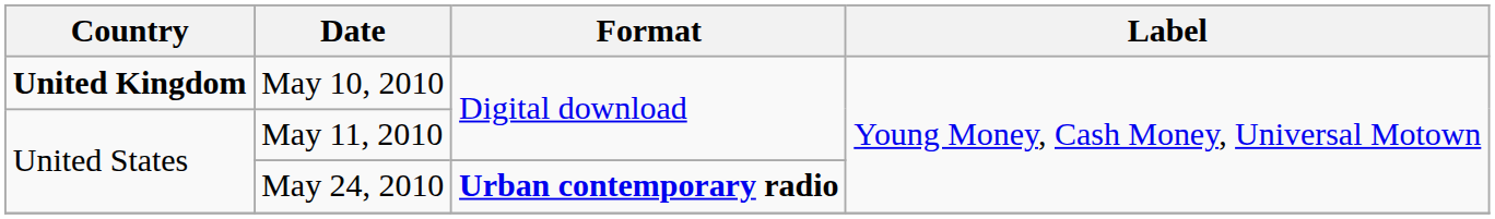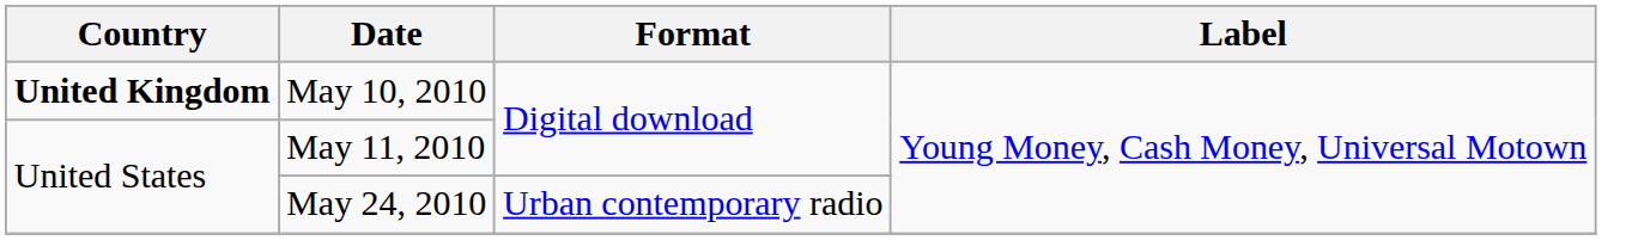 <table class="wikitable" border="1">
 <tr>
 <th scope="col">Country</th>
 <th scope="col">Date</th>
 <th scope="col">Format</th>
 <th scope="col">Label</th>
 </tr>
 <tr>
 <td><strong>United Kingdom</strong></td>
 <td>May 10, 2010</td>
 <td rowspan="2"><a href='#'>Digital download</a></td>
 <td rowspan="3"><a href='#'>Young Money</a>, <a href='#'>Cash Money</a>, <a href='#'>Universal Motown</a></td>
 </tr>
 <tr>
 <td rowspan="2">United States</td>
 <td>May 11, 2010</td>
 </tr>
 <tr>
 <td>May 24, 2010</td>
-<td><strong><a href='#'>Urban contemporary</a> radio</strong></td>
+<td><a href='#'>Urban contemporary</a> radio</td>
 </tr>
 <tr>
 </tr>
 </table>
